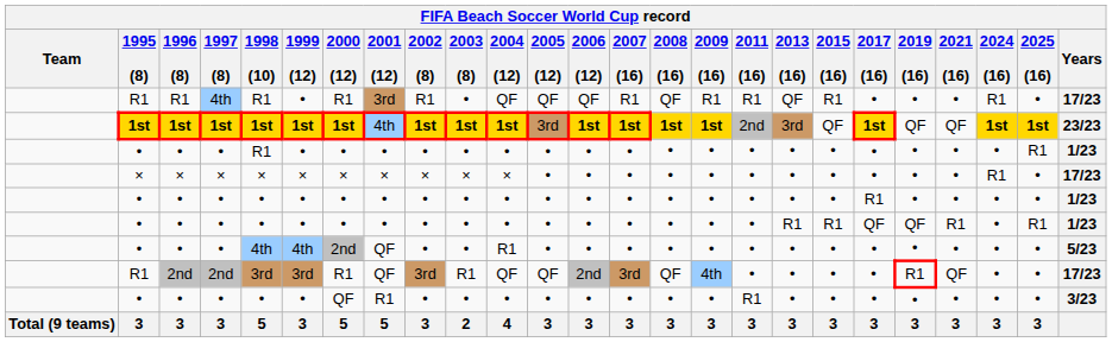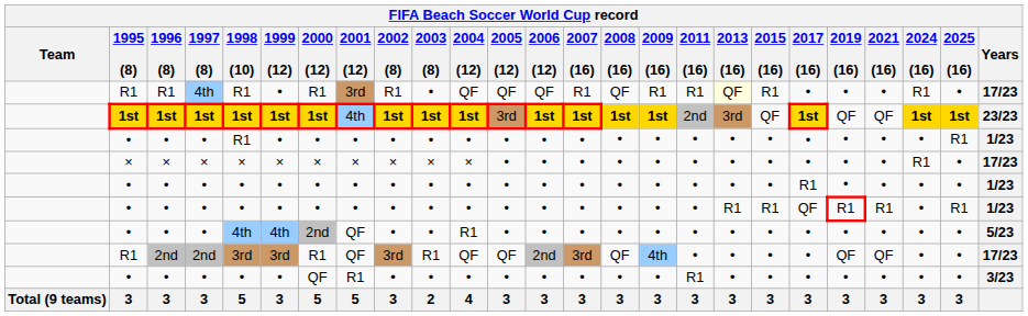 <table class="wikitable" style="text-align: center">
 <tr>
 <th colspan=25><a href='#'>FIFA Beach Soccer World Cup</a> record</th>
 </tr>
 <tr>
 <th>Team</th>
 <th><a href='#'>1995</a><br> <br> (8)</th>
 <th><a href='#'>1996</a><br> <br> (8)</th>
 <th><a href='#'>1997</a><br> <br> (8)</th>
 <th><a href='#'>1998</a><br> <br> (10)</th>
 <th><a href='#'>1999</a><br> <br> (12)</th>
 <th><a href='#'>2000</a><br> <br> (12)</th>
 <th><a href='#'>2001</a><br> <br> (12)</th>
 <th><a href='#'>2002</a><br> <br> (8)</th>
 <th><a href='#'>2003</a><br> <br> (8)</th>
 <th><a href='#'>2004</a><br> <br> (12)</th>
 <th><a href='#'>2005</a><br> <br> (12)</th>
 <th><a href='#'>2006</a><br> <br> (12)</th>
 <th><a href='#'>2007</a><br> <br> (16)</th>
 <th><a href='#'>2008</a><br> <br> (16)</th>
 <th><a href='#'>2009</a><br> <br> (16)</th>
 <th><a href='#'>2011</a><br> <br> (16)</th>
 <th><a href='#'>2013</a><br> <br> (16)</th>
 <th><a href='#'>2015</a><br> <br> (16)</th>
 <th><a href='#'>2017</a><br> <br> (16)</th>
 <th><a href='#'>2019</a><br> <br> (16)</th>
 <th><a href='#'>2021</a><br> <br> (16)</th>
 <th><a href='#'>2024</a><br>  <br> (16)</th>
 <th><a href='#'>2025</a><br>  <br> (16)</th>
 <th>Years</th>
 </tr>
 <tr>
 <td align=left></td>
 <td>R1<br></td>
 <td>R1<br></td>
 <td bgcolor=#9acdff>4th</td>
 <td>R1<br></td>
 <td>•</td>
 <td>R1<br></td>
 <td bgcolor=#cc9966>3rd</td>
 <td>R1<br></td>
 <td>•</td>
 <td>QF<br></td>
 <td>QF<br></td>
 <td>QF<br></td>
 <td>R1<br></td>
 <td>QF<br></td>
 <td>R1<br></td>
 <td>R1<br></td>
-<td>QF<br></td>
+<td style="background: lightyellow;">QF<br></td>
 <td>R1<br></td>
 <td>•</td>
 <td>•</td>
 <td>•</td>
 <td>R1<br></td>
 <td>•</td>
 <th>17/23</th>
 </tr>
 <tr>
 <td align=left></td>
 <td bgcolor=gold style="border:3px solid red"><strong>1st</strong></td>
 <td bgcolor=gold style="border:3px solid red"><strong>1st</strong></td>
 <td bgcolor=gold style="border:3px solid red"><strong>1st</strong></td>
 <td bgcolor=gold style="border:3px solid red"><strong>1st</strong></td>
 <td bgcolor=gold style="border:3px solid red"><strong>1st</strong></td>
 <td bgcolor=gold style="border:3px solid red"><strong>1st</strong></td>
 <td bgcolor=#9acdff style="border:3px solid red">4th</td>
 <td bgcolor=gold style="border:3px solid red"><strong>1st</strong></td>
 <td bgcolor=gold style="border:3px solid red"><strong>1st</strong></td>
 <td bgcolor=gold style="border:3px solid red"><strong>1st</strong></td>
 <td bgcolor=#cc9966 style="border:3px solid red">3rd</td>
 <td bgcolor=gold style="border:3px solid red"><strong>1st</strong></td>
 <td bgcolor=gold style="border:3px solid red"><strong>1st</strong></td>
 <td bgcolor=gold><strong>1st</strong></td>
 <td bgcolor=gold><strong>1st</strong></td>
 <td bgcolor=silver>2nd</td>
 <td bgcolor=#cc9966>3rd</td>
 <td>QF<br></td>
 <td bgcolor=gold style="border:3px solid red"><strong>1st</strong></td>
 <td>QF<br></td>
 <td>QF<br></td>
 <td bgcolor=gold><strong>1st</strong></td>
 <td bgcolor=gold><strong>1st</strong></td>
 <th>23/23</th>
 </tr>
 <tr>
 <td align=left></td>
 <td>•</td>
 <td>•</td>
 <td>•</td>
 <td>R1<br></td>
 <td>•</td>
 <td>•</td>
 <td>•</td>
 <td>•</td>
 <td>•</td>
 <td>•</td>
 <td>•</td>
 <td>•</td>
 <td>•</td>
 <td>•</td>
 <td>•</td>
 <td>•</td>
 <td>•</td>
 <td>•</td>
 <td>•</td>
 <td>•</td>
 <td>•</td>
 <td>•</td>
 <td>R1</td>
 <th>1/23</th>
 </tr>
 <tr>
 <td align=left></td>
 <td>×</td>
 <td>×</td>
 <td>×</td>
 <td>×</td>
 <td>×</td>
 <td>×</td>
 <td>×</td>
 <td>×</td>
 <td>×</td>
 <td>×</td>
 <td>•</td>
 <td>•</td>
 <td>•</td>
 <td>•</td>
 <td>•</td>
 <td>•</td>
 <td>•</td>
 <td>•</td>
 <td>•</td>
 <td>•</td>
 <td>•</td>
 <td>R1<br></td>
 <td>•</td>
 <th>17/23</th>
 </tr>
 <tr>
 <td align=left></td>
 <td>•</td>
 <td>•</td>
 <td>•</td>
 <td>•</td>
 <td>•</td>
 <td>•</td>
 <td>•</td>
 <td>•</td>
 <td>•</td>
 <td>•</td>
 <td>•</td>
 <td>•</td>
 <td>•</td>
 <td>•</td>
 <td>•</td>
 <td>•</td>
 <td>•</td>
 <td>•</td>
 <td>R1<br></td>
 <td>•</td>
 <td>•</td>
 <td>•</td>
 <td>•</td>
 <th>1/23</th>
 </tr>
 <tr>
 <td align=left></td>
 <td>•</td>
 <td>•</td>
 <td>•</td>
 <td>•</td>
 <td>•</td>
 <td>•</td>
 <td>•</td>
 <td>•</td>
 <td>•</td>
 <td>•</td>
 <td>•</td>
 <td>•</td>
 <td>•</td>
 <td>•</td>
 <td>•</td>
 <td>•</td>
 <td>R1<br></td>
 <td>R1<br></td>
 <td>QF<br></td>
-<td>QF<br></td>
+<td style="border:3px solid red">R1<br></td>
 <td>R1<br></td>
 <td>•</td>
 <td>R1</td>
 <th>1/23</th>
 </tr>
 <tr>
 <td align=left></td>
 <td>•</td>
 <td>•</td>
 <td>•</td>
 <td bgcolor=#9acdff>4th</td>
 <td bgcolor=#9acdff>4th</td>
 <td bgcolor=silver>2nd</td>
 <td>QF<br></td>
 <td>•</td>
 <td>•</td>
 <td>R1<br></td>
 <td>•</td>
 <td>•</td>
 <td>•</td>
 <td>•</td>
 <td>•</td>
 <td>•</td>
 <td>•</td>
 <td>•</td>
 <td>•</td>
 <td>•</td>
 <td>•</td>
 <td>•</td>
 <td>•</td>
 <th>5/23</th>
 </tr>
 <tr>
 <td align=left></td>
 <td>R1<br></td>
 <td bgcolor=silver>2nd</td>
 <td bgcolor=silver>2nd</td>
 <td bgcolor=#cc9966>3rd</td>
 <td bgcolor=#cc9966>3rd</td>
 <td>R1<br></td>
 <td>QF<br></td>
 <td bgcolor=#cc9966>3rd</td>
 <td>R1<br></td>
 <td>QF<br></td>
 <td>QF<br></td>
 <td bgcolor=silver>2nd</td>
 <td bgcolor=#cc9966>3rd</td>
 <td>QF<br></td>
 <td bgcolor=#9acdff>4th</td>
 <td>•</td>
 <td>•</td>
 <td>•</td>
 <td>•</td>
-<td style="border:3px solid red">R1<br></td>
+<td>QF<br></td>
 <td>QF<br></td>
 <td>•</td>
 <td>•</td>
 <th>17/23</th>
 </tr>
 <tr>
 <td align=left></td>
 <td>•</td>
 <td>•</td>
 <td>•</td>
 <td>•</td>
 <td>•</td>
 <td>QF<br></td>
 <td>R1<br></td>
 <td>•</td>
 <td>•</td>
 <td>•</td>
 <td>•</td>
 <td>•</td>
 <td>•</td>
 <td>•</td>
 <td>•</td>
 <td>R1<br></td>
 <td>•</td>
 <td>•</td>
 <td>•</td>
 <td>•</td>
 <td>•</td>
 <td>•</td>
 <td>•</td>
 <th>3/23</th>
 </tr>
 <tr>
 <th align=centre><strong>Total (9 teams)</strong></th>
 <th><strong>3</strong></th>
 <th><strong>3</strong></th>
 <th><strong>3</strong></th>
 <th><strong>5</strong></th>
 <th><strong>3</strong></th>
 <th><strong>5</strong></th>
 <th><strong>5</strong></th>
 <th><strong>3</strong></th>
 <th><strong>2</strong></th>
 <th><strong>4</strong></th>
 <th><strong>3</strong></th>
 <th><strong>3</strong></th>
 <th><strong>3</strong></th>
 <th><strong>3</strong></th>
 <th><strong>3</strong></th>
 <th><strong>3</strong></th>
 <th><strong>3</strong></th>
 <th><strong>3</strong></th>
 <th><strong>3</strong></th>
 <th><strong>3</strong></th>
 <th><strong>3</strong></th>
 <th><strong>3</strong></th>
 <th><strong>3</strong></th>
 <th></th>
 </tr>
 </table>
